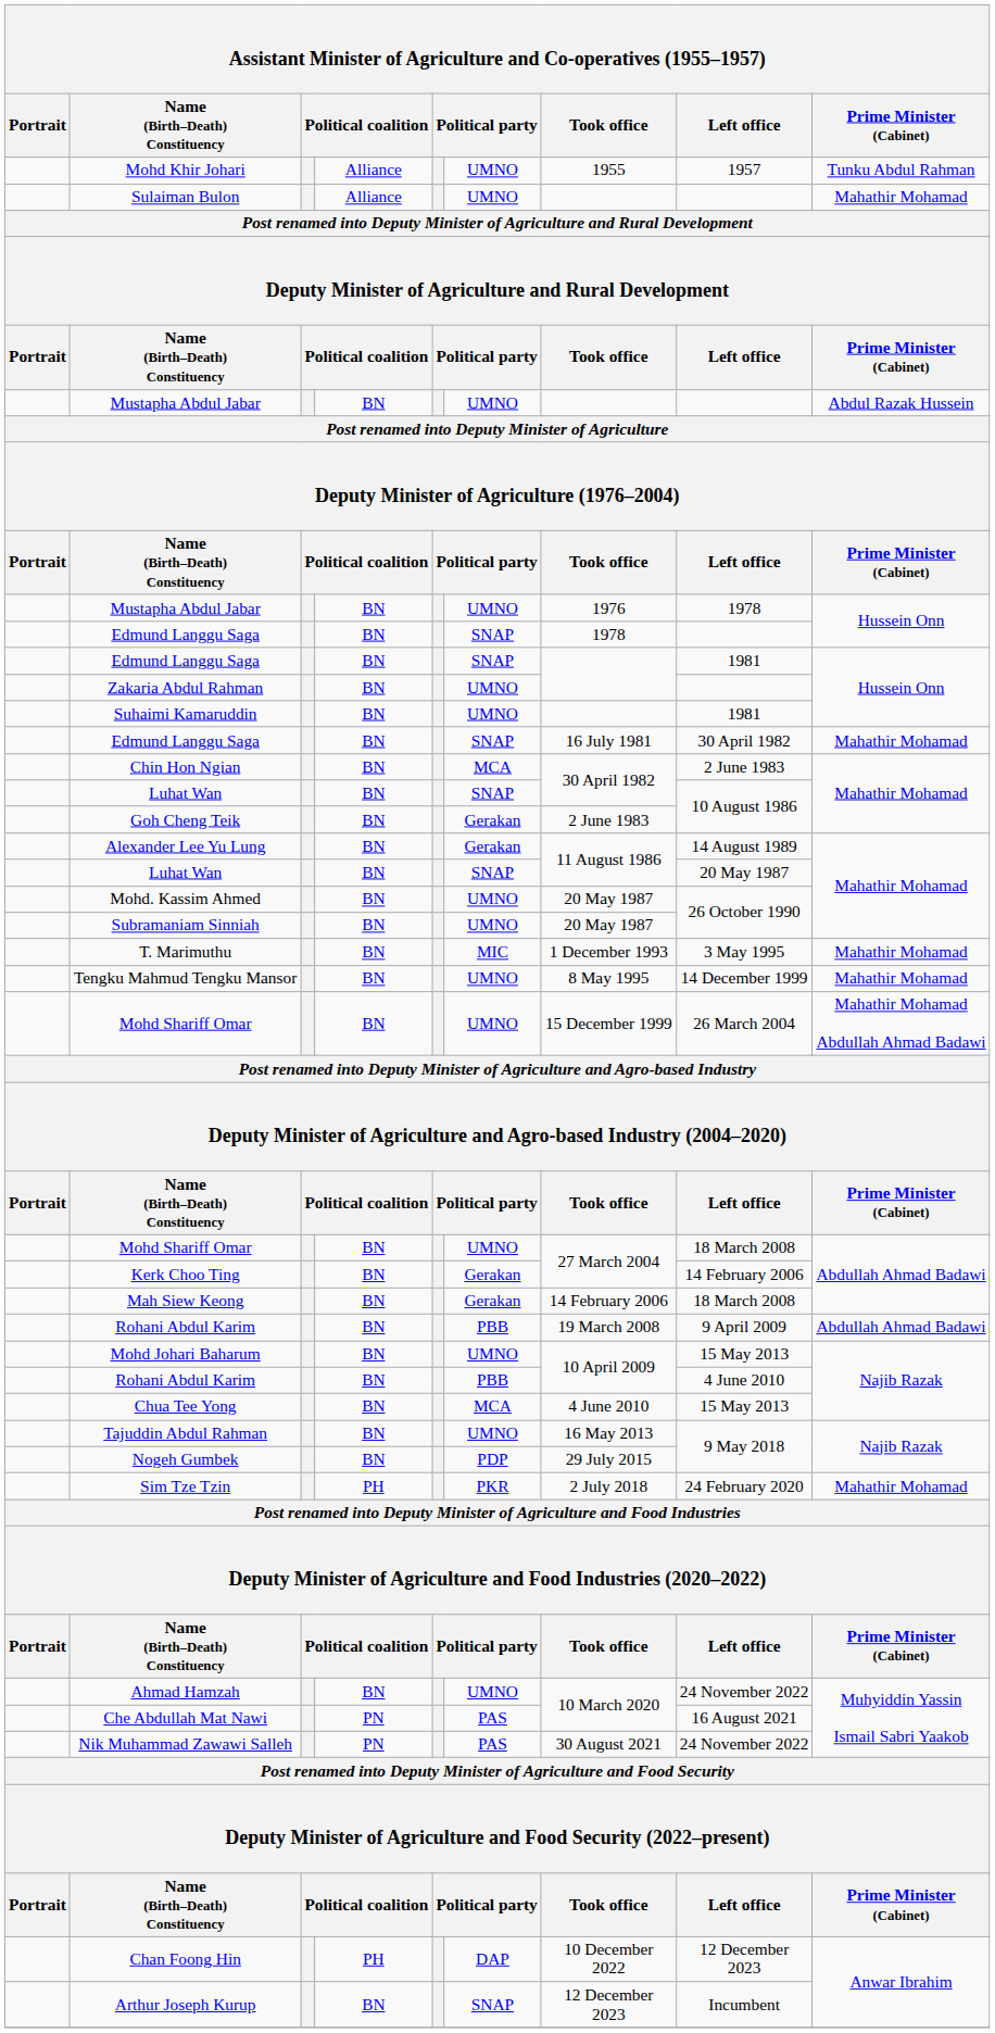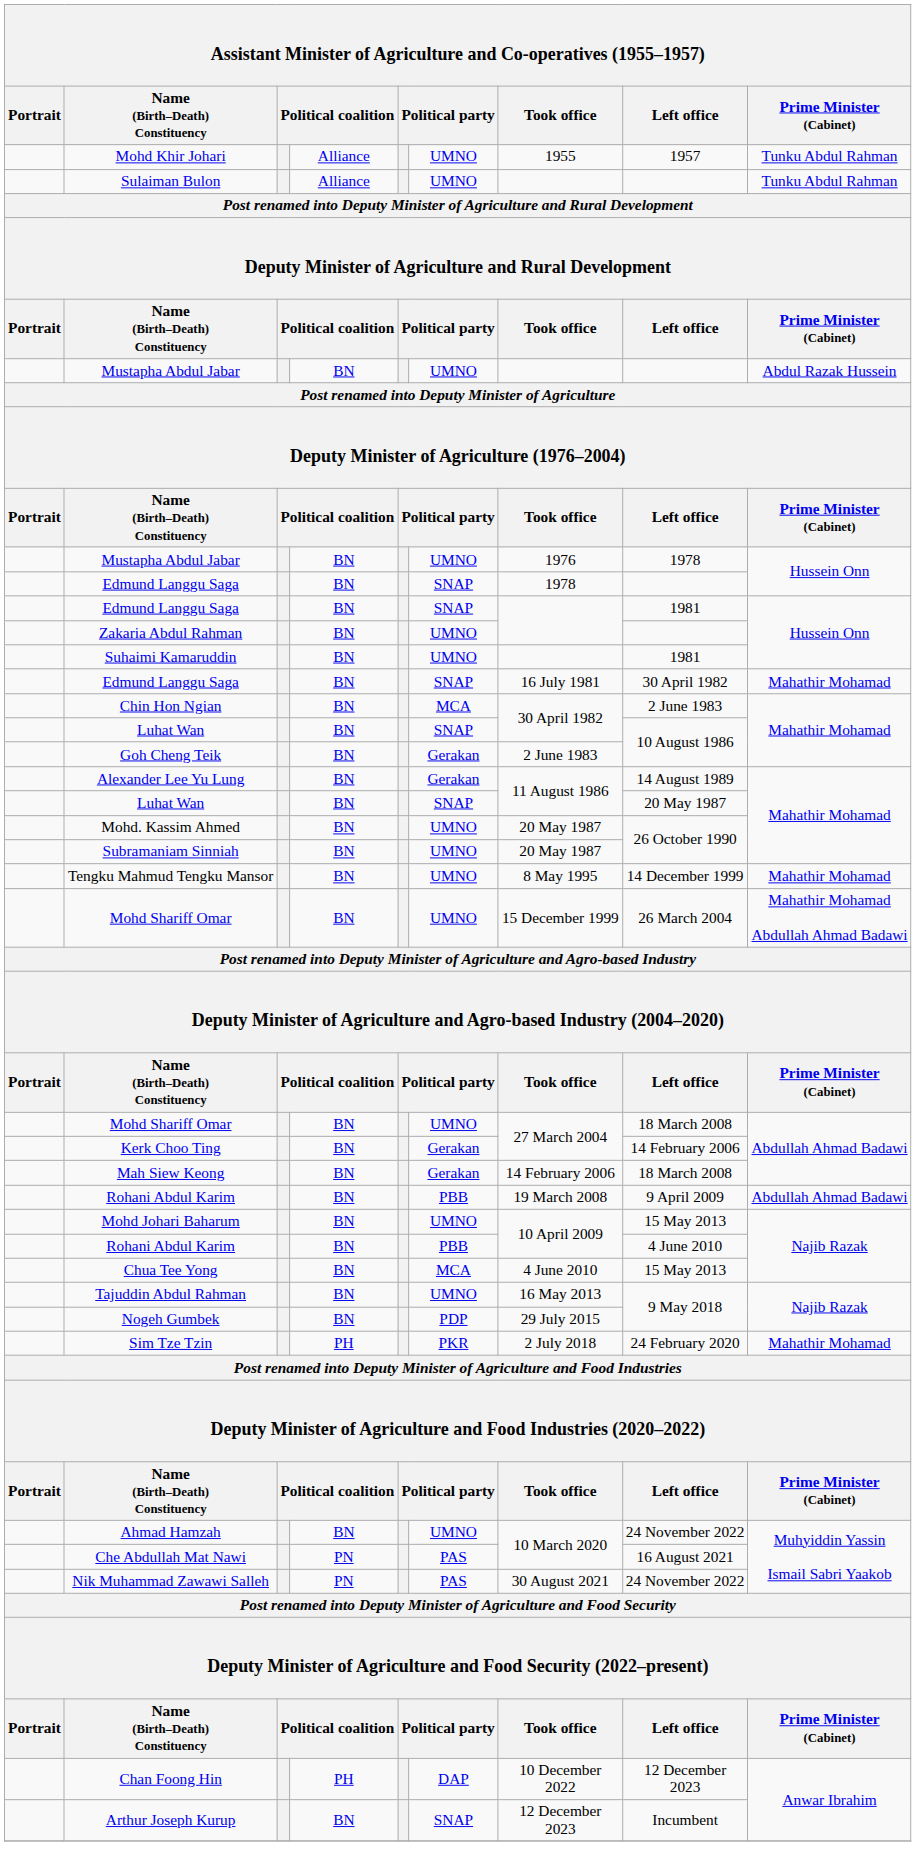 <table class="wikitable" style="text-align:center;">
 <tr>
 <th colspan="9"><br><h3>Assistant Minister of Agriculture and Co-operatives	(1955–1957)</h3></th>
 </tr>
 <tr>
 <th>Portrait</th>
 <th>Name<br><small>(Birth–Death)<br>Constituency</small></th>
 <th colspan="2">Political coalition</th>
 <th colspan="2">Political party</th>
 <th>Took office</th>
 <th>Left office</th>
 <th><a href='#'>Prime Minister</a><br><small>(Cabinet)</small></th>
 </tr>
 <tr>
 <td></td>
 <td><a href='#'>Mohd Khir Johari</a><br></td>
 <th style="background:"></th>
 <td><a href='#'>Alliance</a></td>
 <th style="background:"></th>
 <td><a href='#'>UMNO</a></td>
 <td>1955</td>
 <td>1957</td>
 <td><a href='#'>Tunku Abdul Rahman</a><br></td>
 </tr>
 <tr>
 <td></td>
 <td><a href='#'>Sulaiman Bulon</a><br></td>
 <th style="background:"></th>
 <td><a href='#'>Alliance</a></td>
 <th style="background:"></th>
 <td><a href='#'>UMNO</a></td>
 <td></td>
 <td></td>
-<td><a href='#'>Mahathir Mohamad</a><br></td>
+<td><a href='#'>Tunku Abdul Rahman</a><br></td>
 </tr>
 <tr>
 <th colspan="9"><em>Post renamed into Deputy Minister of Agriculture and Rural Development</em></th>
 </tr>
 <tr>
 <th colspan="9"><br><h3>Deputy Minister of Agriculture and Rural Development</h3></th>
 </tr>
 <tr>
 <th>Portrait</th>
 <th>Name<br><small>(Birth–Death)<br>Constituency</small></th>
 <th colspan="2">Political coalition</th>
 <th colspan="2">Political party</th>
 <th>Took office</th>
 <th>Left office</th>
 <th><a href='#'>Prime Minister</a><br><small>(Cabinet)</small></th>
 </tr>
 <tr>
 <td></td>
 <td><a href='#'>Mustapha Abdul Jabar</a><br></td>
 <th style="background:"></th>
 <td><a href='#'>BN</a></td>
 <th style="background:"></th>
 <td><a href='#'>UMNO</a></td>
 <td></td>
 <td></td>
 <td><a href='#'>Abdul Razak Hussein</a><br></td>
 </tr>
 <tr>
 <th colspan="9"><em>Post renamed into Deputy Minister of Agriculture</em></th>
 </tr>
 <tr>
 <th colspan="9"><br><h3>Deputy Minister of Agriculture (1976–2004)</h3></th>
 </tr>
 <tr>
 <th>Portrait</th>
 <th>Name<br><small>(Birth–Death)<br>Constituency</small></th>
 <th colspan="2">Political coalition</th>
 <th colspan="2">Political party</th>
 <th>Took office</th>
 <th>Left office</th>
 <th><a href='#'>Prime Minister</a><br><small>(Cabinet)</small></th>
 </tr>
 <tr>
 <td></td>
 <td><a href='#'>Mustapha Abdul Jabar</a><br></td>
 <th style="background:"></th>
 <td><a href='#'>BN</a></td>
 <th style="background:"></th>
 <td><a href='#'>UMNO</a></td>
 <td>1976</td>
 <td>1978</td>
 <td rowspan=2><a href='#'>Hussein Onn</a><br></td>
 </tr>
 <tr>
 <td></td>
 <td><a href='#'>Edmund Langgu Saga</a><br></td>
 <th style="background:"></th>
 <td><a href='#'>BN</a></td>
 <th style="background:"></th>
 <td><a href='#'>SNAP</a></td>
 <td>1978</td>
 <td></td>
 </tr>
 <tr>
 <td></td>
 <td><a href='#'>Edmund Langgu Saga</a><br></td>
 <th style="background:"></th>
 <td><a href='#'>BN</a></td>
 <th style="background:"></th>
 <td><a href='#'>SNAP</a></td>
 <td rowspan=2></td>
 <td>1981</td>
 <td rowspan=3><a href='#'>Hussein Onn</a><br></td>
 </tr>
 <tr>
 <td></td>
 <td><a href='#'>Zakaria Abdul Rahman</a><br></td>
 <th style="background:"></th>
 <td><a href='#'>BN</a></td>
 <th style="background:"></th>
 <td><a href='#'>UMNO</a></td>
 </tr>
 <tr>
 <td></td>
 <td><a href='#'>Suhaimi Kamaruddin</a><br></td>
 <th style="background:"></th>
 <td><a href='#'>BN</a></td>
 <th style="background:"></th>
 <td><a href='#'>UMNO</a></td>
 <td></td>
 <td>1981</td>
 </tr>
 <tr>
 <td></td>
 <td><a href='#'>Edmund Langgu Saga</a><br></td>
 <th style="background:"></th>
 <td><a href='#'>BN</a></td>
 <th style="background:"></th>
 <td><a href='#'>SNAP</a></td>
 <td>16 July 1981</td>
 <td>30 April 1982</td>
 <td><a href='#'>Mahathir Mohamad</a><br></td>
 </tr>
 <tr>
 <td></td>
 <td><a href='#'>Chin Hon Ngian</a><br></td>
 <th style="background:"></th>
 <td><a href='#'>BN</a></td>
 <th style="background:"></th>
 <td><a href='#'>MCA</a></td>
 <td rowspan=2>30 April 1982</td>
 <td>2 June 1983</td>
 <td rowspan=3><a href='#'>Mahathir Mohamad</a><br></td>
 </tr>
 <tr>
 <td></td>
 <td><a href='#'>Luhat Wan</a><br></td>
 <th style="background:"></th>
 <td><a href='#'>BN</a></td>
 <th style="background:"></th>
 <td><a href='#'>SNAP</a></td>
 <td rowspan=2>10 August 1986</td>
 </tr>
 <tr>
 <td></td>
 <td><a href='#'>Goh Cheng Teik</a><br></td>
 <th style="background:"></th>
 <td><a href='#'>BN</a></td>
 <th style="background:"></th>
 <td><a href='#'>Gerakan</a></td>
 <td>2 June 1983</td>
 </tr>
 <tr>
 <td></td>
 <td><a href='#'>Alexander Lee Yu Lung</a><br></td>
 <th style="background:"></th>
 <td><a href='#'>BN</a></td>
 <th style="background:"></th>
 <td><a href='#'>Gerakan</a></td>
 <td rowspan=2>11 August 1986</td>
 <td>14 August 1989</td>
 <td rowspan=4><a href='#'>Mahathir Mohamad</a><br></td>
 </tr>
 <tr>
 <td></td>
 <td><a href='#'>Luhat Wan</a><br></td>
 <th style="background:"></th>
 <td><a href='#'>BN</a></td>
 <th style="background:"></th>
 <td><a href='#'>SNAP</a></td>
 <td>20 May 1987</td>
 </tr>
 <tr>
 <td></td>
 <td>Mohd. Kassim Ahmed<br></td>
 <th style="background:"></th>
 <td><a href='#'>BN</a></td>
 <th style="background:"></th>
 <td><a href='#'>UMNO</a></td>
 <td>20 May 1987</td>
 <td rowspan=2>26 October 1990</td>
 </tr>
 <tr>
 <td></td>
 <td><a href='#'>Subramaniam Sinniah</a><br></td>
 <th style="background:"></th>
 <td><a href='#'>BN</a></td>
 <th style="background:"></th>
 <td><a href='#'>UMNO</a></td>
 <td>20 May 1987</td>
-</tr>
-<tr>
-<td></td>
-<td>T. Marimuthu<br></td>
-<th style="background:"></th>
-<td><a href='#'>BN</a></td>
-<th style="background:"></th>
-<td><a href='#'>MIC</a></td>
-<td>1 December 1993</td>
-<td>3 May 1995</td>
-<td><a href='#'>Mahathir Mohamad</a><br></td>
 </tr>
 <tr>
 <td></td>
 <td>Tengku Mahmud Tengku Mansor<br></td>
 <th style="background:"></th>
 <td><a href='#'>BN</a></td>
 <th style="background:"></th>
 <td><a href='#'>UMNO</a></td>
 <td>8 May 1995</td>
 <td>14 December 1999</td>
 <td><a href='#'>Mahathir Mohamad</a><br></td>
 </tr>
 <tr>
 <td></td>
 <td><a href='#'>Mohd Shariff Omar</a><br></td>
 <th style="background:"></th>
 <td><a href='#'>BN</a></td>
 <th style="background:"></th>
 <td><a href='#'>UMNO</a></td>
 <td>15 December 1999</td>
 <td>26 March 2004</td>
 <td><a href='#'>Mahathir Mohamad</a><br><br><a href='#'>Abdullah Ahmad Badawi</a><br></td>
 </tr>
 <tr>
 <th colspan="9"><em>Post renamed into Deputy Minister of Agriculture and Agro-based Industry</em></th>
 </tr>
 <tr>
 <th colspan="9"><br><h3>Deputy Minister of Agriculture and Agro-based Industry (2004–2020)</h3></th>
 </tr>
 <tr>
 <th>Portrait</th>
 <th>Name<br><small>(Birth–Death)<br>Constituency</small></th>
 <th colspan="2">Political coalition</th>
 <th colspan="2">Political party</th>
 <th>Took office</th>
 <th>Left office</th>
 <th><a href='#'>Prime Minister</a><br><small>(Cabinet)</small></th>
 </tr>
 <tr>
 <td></td>
 <td><a href='#'>Mohd Shariff Omar</a><br></td>
 <th style="background:"></th>
 <td><a href='#'>BN</a></td>
 <th style="background:"></th>
 <td><a href='#'>UMNO</a></td>
 <td rowspan=2>27 March 2004</td>
 <td>18 March 2008</td>
 <td rowspan=3><a href='#'>Abdullah Ahmad Badawi</a><br></td>
 </tr>
 <tr>
 <td></td>
 <td><a href='#'>Kerk Choo Ting</a><br></td>
 <th style="background:"></th>
 <td><a href='#'>BN</a></td>
 <th style="background:"></th>
 <td><a href='#'>Gerakan</a></td>
 <td>14 February 2006</td>
 </tr>
 <tr>
 <td></td>
 <td><a href='#'>Mah Siew Keong</a><br></td>
 <th style="background:"></th>
 <td><a href='#'>BN</a></td>
 <th style="background:"></th>
 <td><a href='#'>Gerakan</a></td>
 <td>14 February 2006</td>
 <td>18 March 2008</td>
 </tr>
 <tr>
 <td></td>
 <td><a href='#'>Rohani Abdul Karim</a><br></td>
 <th style="background:"></th>
 <td><a href='#'>BN</a></td>
 <th style="background:"></th>
 <td><a href='#'>PBB</a></td>
 <td>19 March 2008</td>
 <td>9 April 2009</td>
 <td><a href='#'>Abdullah Ahmad Badawi</a><br></td>
 </tr>
 <tr>
 <td></td>
 <td><a href='#'>Mohd Johari Baharum</a><br></td>
 <th style="background:"></th>
 <td><a href='#'>BN</a></td>
 <th style="background:"></th>
 <td><a href='#'>UMNO</a></td>
 <td rowspan=2>10 April 2009</td>
 <td>15 May 2013</td>
 <td rowspan=3><a href='#'>Najib Razak</a><br></td>
 </tr>
 <tr>
 <td></td>
 <td><a href='#'>Rohani Abdul Karim</a><br></td>
 <th style="background:"></th>
 <td><a href='#'>BN</a></td>
 <th style="background:"></th>
 <td><a href='#'>PBB</a></td>
 <td>4 June 2010</td>
 </tr>
 <tr>
 <td></td>
 <td><a href='#'>Chua Tee Yong</a><br></td>
 <th style="background:"></th>
 <td><a href='#'>BN</a></td>
 <th style="background:"></th>
 <td><a href='#'>MCA</a></td>
 <td>4 June 2010</td>
 <td>15 May 2013</td>
 </tr>
 <tr>
 <td></td>
 <td><a href='#'>Tajuddin Abdul Rahman</a><br></td>
 <th style="background:"></th>
 <td><a href='#'>BN</a></td>
 <th style="background:"></th>
 <td><a href='#'>UMNO</a></td>
 <td>16 May 2013</td>
 <td rowspan=2>9 May 2018</td>
 <td rowspan=2><a href='#'>Najib Razak</a><br></td>
 </tr>
 <tr>
 <td></td>
 <td><a href='#'>Nogeh Gumbek</a><br></td>
 <th style="background:"></th>
 <td><a href='#'>BN</a></td>
 <th style="background:"></th>
 <td><a href='#'>PDP</a></td>
 <td>29 July 2015</td>
 </tr>
 <tr>
 <td></td>
 <td><a href='#'>Sim Tze Tzin</a><br></td>
 <th style="background:"></th>
 <td><a href='#'>PH</a></td>
 <th style="background:"></th>
 <td><a href='#'>PKR</a></td>
 <td>2 July 2018</td>
 <td>24 February 2020</td>
 <td><a href='#'>Mahathir Mohamad</a><br></td>
 </tr>
 <tr>
 <th colspan="9"><em>Post renamed into Deputy Minister of Agriculture and Food Industries</em></th>
 </tr>
 <tr>
 <th colspan="9"><br><h3>Deputy Minister of Agriculture and Food Industries (2020–2022)</h3></th>
 </tr>
 <tr>
 <th>Portrait</th>
 <th>Name<br><small>(Birth–Death)<br>Constituency</small></th>
 <th colspan="2">Political coalition</th>
 <th colspan="2">Political party</th>
 <th>Took office</th>
 <th>Left office</th>
 <th><a href='#'>Prime Minister</a><br><small>(Cabinet)</small></th>
 </tr>
 <tr>
 <td></td>
 <td><a href='#'>Ahmad Hamzah</a><br></td>
 <th style="background:"></th>
 <td><a href='#'>BN</a></td>
 <th style="background:"></th>
 <td><a href='#'>UMNO</a></td>
 <td rowspan=2>10 March 2020</td>
 <td>24 November 2022</td>
 <td rowspan=3><a href='#'>Muhyiddin Yassin</a><br><br><a href='#'>Ismail Sabri Yaakob</a><br></td>
 </tr>
 <tr>
 <td></td>
 <td><a href='#'>Che Abdullah Mat Nawi</a><br></td>
 <th style="background:"></th>
 <td><a href='#'>PN</a></td>
 <th style="background:"></th>
 <td><a href='#'>PAS</a></td>
 <td>16 August 2021</td>
 </tr>
 <tr>
 <td></td>
 <td><a href='#'>Nik Muhammad Zawawi Salleh</a><br></td>
 <th style="background:"></th>
 <td><a href='#'>PN</a></td>
 <th style="background:"></th>
 <td><a href='#'>PAS</a></td>
 <td>30 August 2021</td>
 <td>24 November 2022</td>
 </tr>
 <tr>
 <th colspan="9"><em>Post renamed into Deputy Minister of Agriculture and Food Security</em></th>
 </tr>
 <tr>
 <th colspan="9"><br><h3>Deputy Minister of Agriculture and Food Security (2022–present)</h3></th>
 </tr>
 <tr>
 <th>Portrait</th>
 <th>Name<br><small>(Birth–Death)<br>Constituency</small></th>
 <th colspan="2">Political coalition</th>
 <th colspan="2">Political party</th>
 <th>Took office</th>
 <th>Left office</th>
 <th><a href='#'>Prime Minister</a><br><small>(Cabinet)</small></th>
 </tr>
 <tr>
 <td></td>
 <td><a href='#'>Chan Foong Hin</a><br></td>
 <th style="background:"></th>
 <td><a href='#'>PH</a></td>
 <th style="background:"></th>
 <td><a href='#'>DAP</a></td>
 <td>10 December<br>2022</td>
 <td>12 December<br>2023</td>
 <td rowspan=2><a href='#'>Anwar Ibrahim</a><br></td>
 </tr>
 <tr>
 <td></td>
 <td><a href='#'>Arthur Joseph Kurup</a><br></td>
 <th style="background:"></th>
 <td><a href='#'>BN</a></td>
 <th style="background:"></th>
 <td><a href='#'>SNAP</a></td>
 <td>12 December<br>2023</td>
 <td>Incumbent</td>
 </tr>
 <tr>
 </tr>
 </table>
